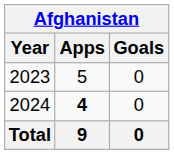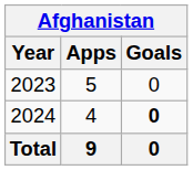 <table class=wikitable style=text-align:center>
 <tr>
 <th colspan=4><a href='#'>Afghanistan</a></th>
 </tr>
 <tr>
 <th>Year</th>
 <th>Apps</th>
 <th>Goals</th>
 </tr>
 <tr>
 <td>2023</td>
 <td>5</td>
 <td>0</td>
 </tr>
 <tr>
 <td>2024</td>
-<td><strong>4</strong></td>
-<td>0</td>
+<td>4</td>
+<td><strong>0</strong></td>
 </tr>
 <tr>
 <th colspan=1>Total</th>
 <th>9</th>
 <th>0</th>
 </tr>
 </table>
